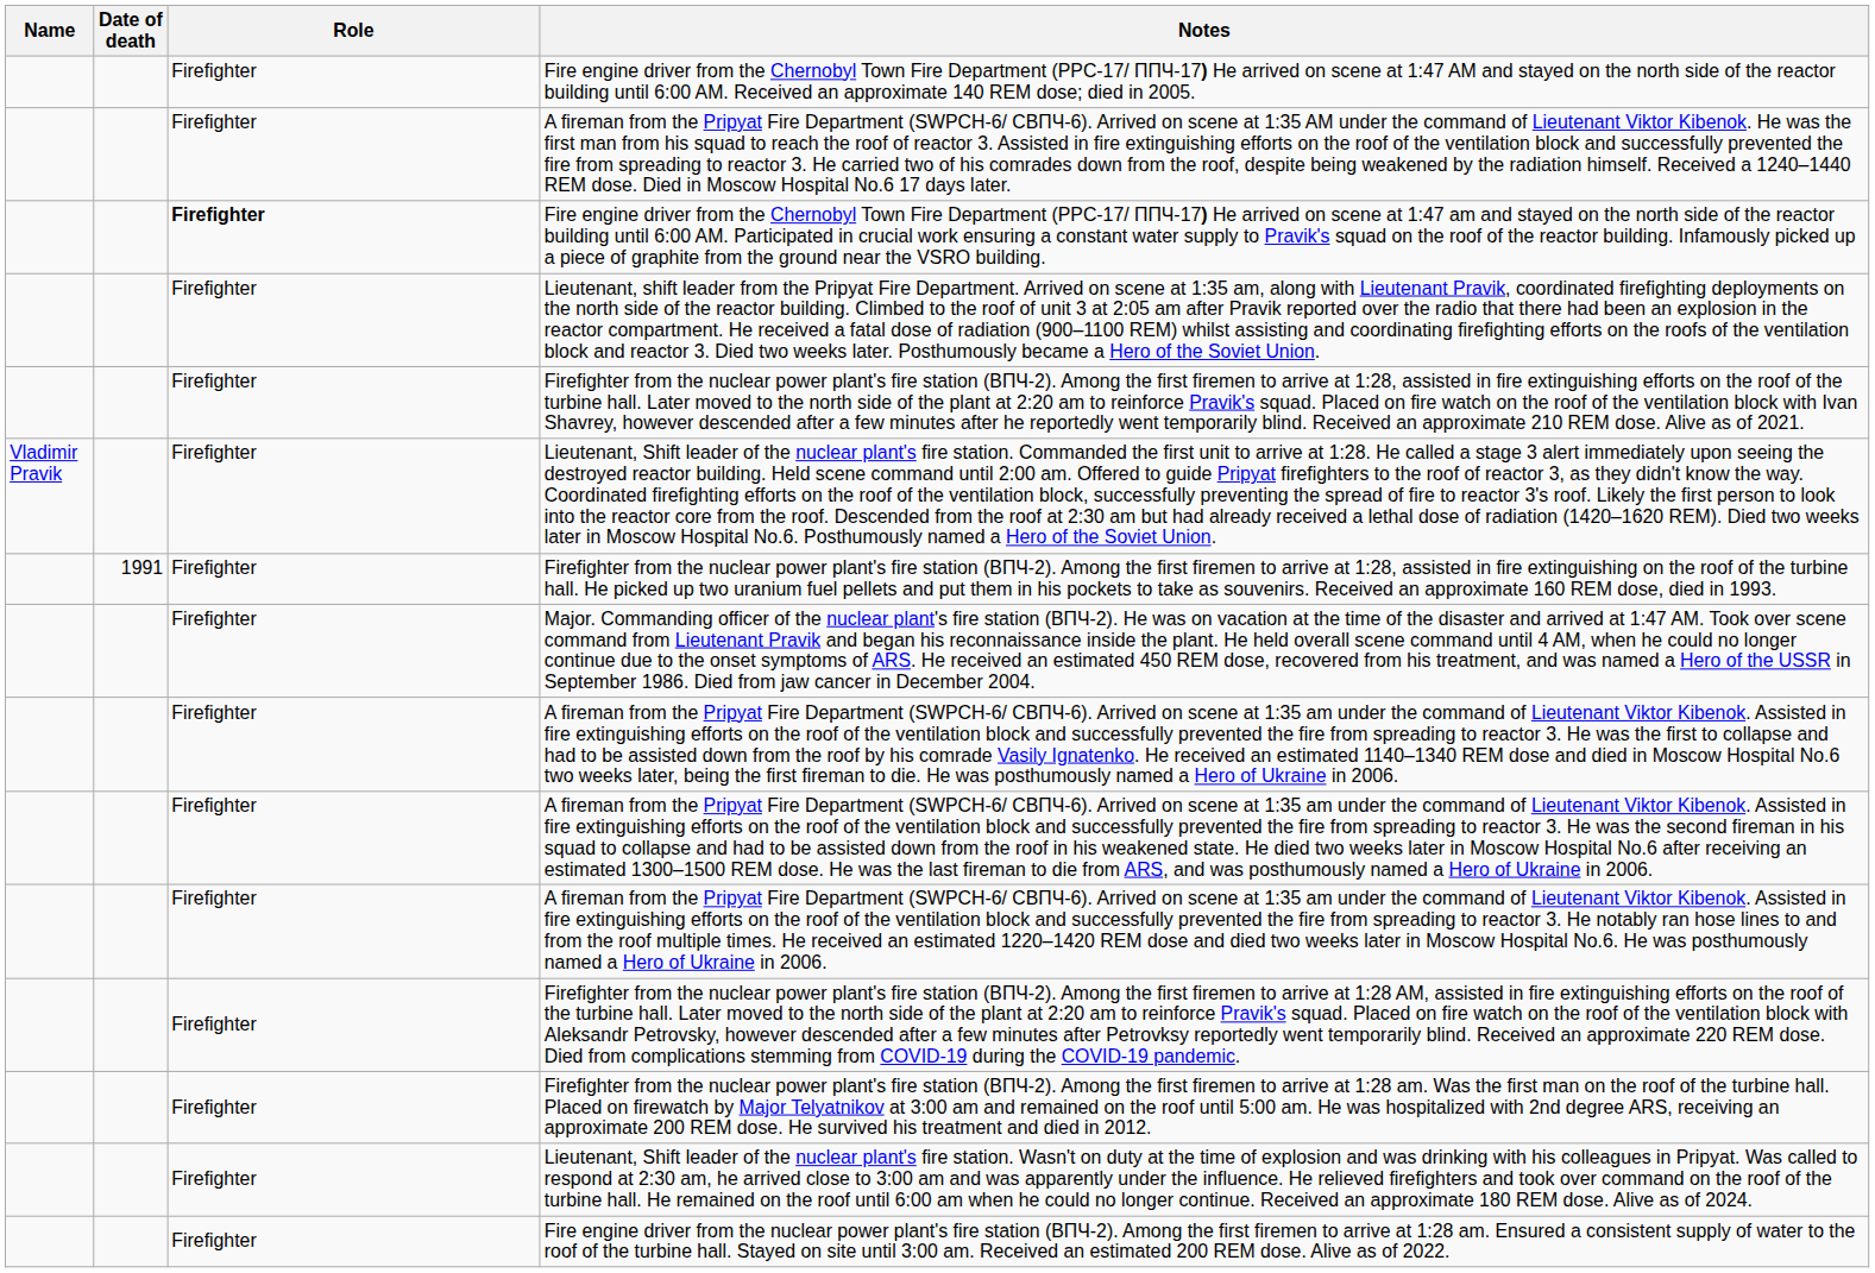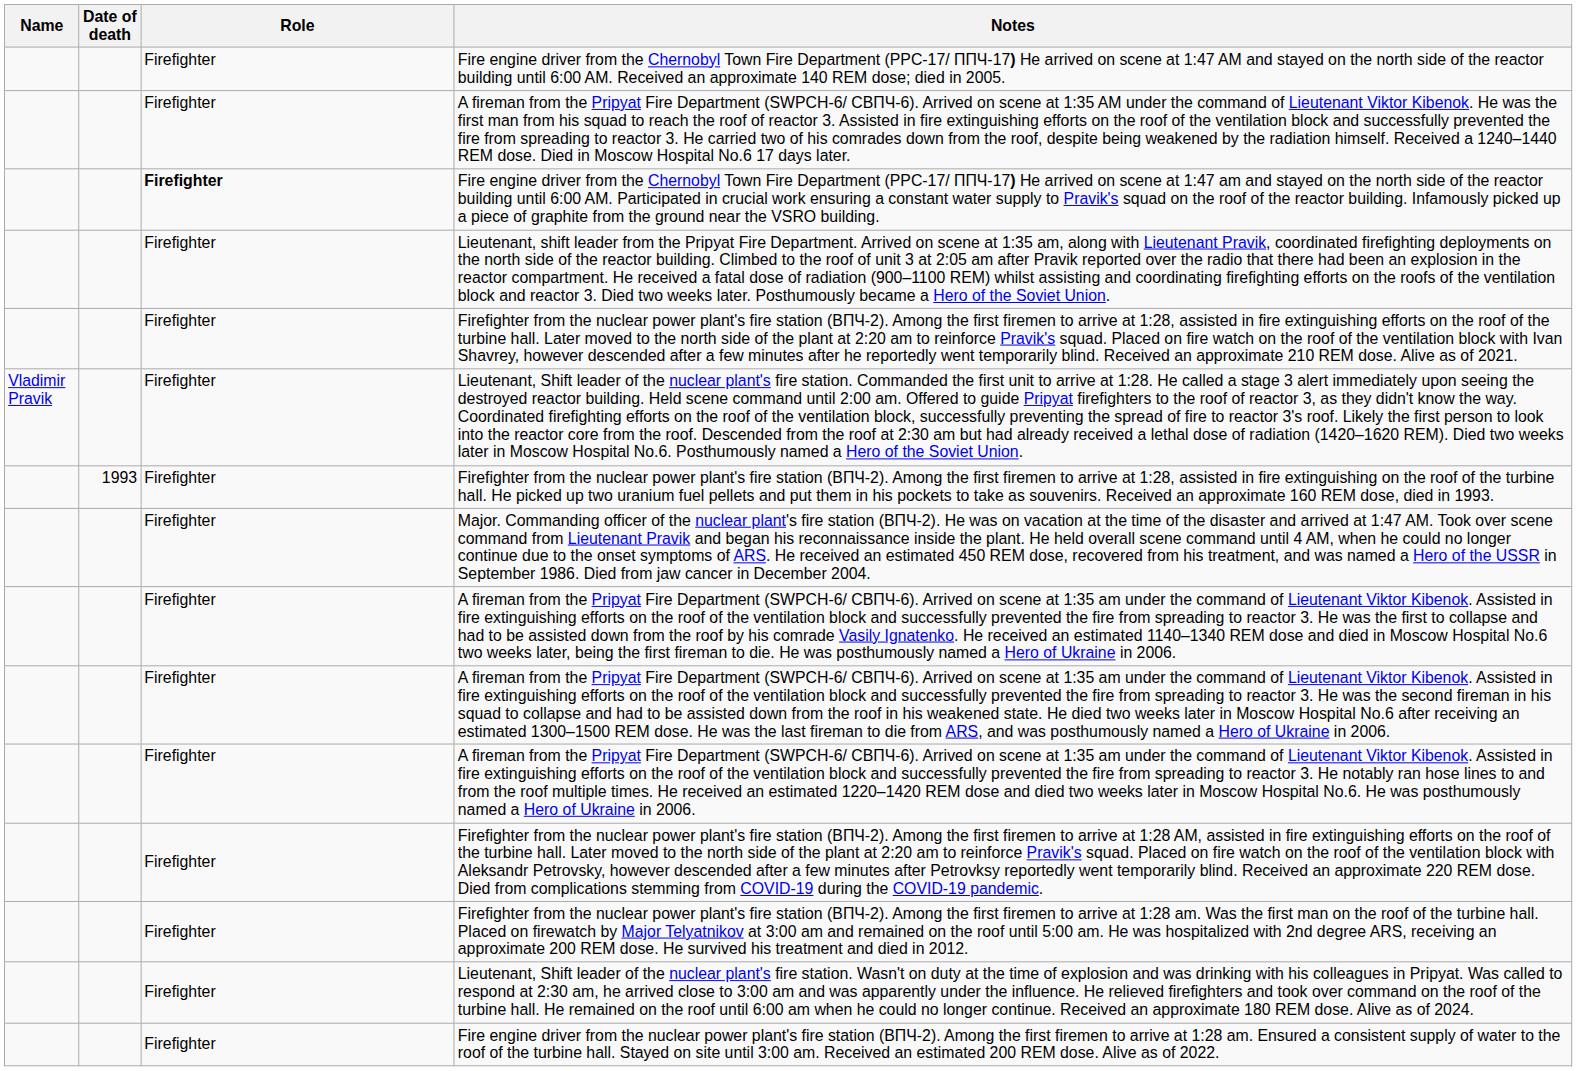 <table class="wikitable sortable" width="100%">
 <tr>
 <th>Name</th>
 <th>Date of death</th>
 <th class="unsortable" width="20%">Role</th>
 <th class=unsortable>Notes</th>
 </tr>
 <tr valign=top>
 <td></td>
 <td style=text-align:right;></td>
 <td>Firefighter</td>
 <td>Fire engine driver from the <a href='#'>Chernobyl</a> Town Fire Department (PPC-17/ ППЧ-17<strong>)</strong> He arrived on scene at 1:47 AM and stayed on the north side of the reactor building until 6:00 AM. Received an approximate 140 REM dose; died in 2005.</td>
 </tr>
 <tr valign=top>
 <td></td>
 <td style=text-align:right;></td>
 <td>Firefighter</td>
 <td>A fireman from the <a href='#'>Pripyat</a> Fire Department (SWPCH-6/ СВПЧ-6). Arrived on scene at 1:35 AM under the command of <a href='#'>Lieutenant Viktor Kibenok</a>. He was the first man from his squad to reach the roof of reactor 3. Assisted in fire extinguishing efforts on the roof of the ventilation block and successfully prevented the fire from spreading to reactor 3. He carried two of his comrades down from the roof, despite being weakened by the radiation himself. Received a 1240–1440 REM dose. Died in Moscow Hospital No.6 17 days later.</td>
 </tr>
 <tr valign=top>
 <td></td>
 <td style=text-align:right;></td>
 <td><strong>Firefighter</strong></td>
 <td>Fire engine driver from the <a href='#'>Chernobyl</a> Town Fire Department (PPC-17/ ППЧ-17<strong>)</strong> He arrived on scene at 1:47 am and stayed on the north side of the reactor building until 6:00 AM. Participated in crucial work ensuring a constant water supply to <a href='#'>Pravik's</a> squad on the roof of the reactor building. Infamously picked up a piece of graphite from the ground near the VSRO building.</td>
 </tr>
 <tr valign=top>
 <td></td>
 <td style=text-align:right;></td>
 <td>Firefighter</td>
 <td>Lieutenant, shift leader from the Pripyat Fire Department. Arrived on scene at 1:35 am, along with <a href='#'>Lieutenant Pravik</a>, coordinated firefighting deployments on the north side of the reactor building. Climbed to the roof of unit 3 at 2:05 am after Pravik reported over the radio that there had been an explosion in the reactor compartment. He received a fatal dose of radiation (900–1100 REM) whilst assisting and coordinating firefighting efforts on the roofs of the ventilation block and reactor 3. Died two weeks later. Posthumously became a <a href='#'>Hero of the Soviet Union</a>.</td>
 </tr>
 <tr valign=top>
 <td></td>
 <td></td>
 <td>Firefighter</td>
 <td>Firefighter from the nuclear power plant's fire station (ВПЧ-2). Among the first firemen to arrive at 1:28, assisted in fire extinguishing efforts on the roof of the turbine hall. Later moved to the north side of the plant at 2:20 am to reinforce <a href='#'>Pravik's</a> squad. Placed on fire watch on the roof of the ventilation block with Ivan Shavrey, however descended after a few minutes after he reportedly went temporarily blind. Received an approximate 210 REM dose. Alive as of 2021.</td>
 </tr>
 <tr valign=top>
 <td><a href='#'>Vladimir Pravik</a></td>
 <td style=text-align:right;></td>
 <td>Firefighter</td>
 <td>Lieutenant, Shift leader of the <a href='#'>nuclear plant's</a> fire station. Commanded the first unit to arrive at 1:28. He called a stage 3 alert immediately upon seeing the destroyed reactor building. Held scene command until 2:00 am. Offered to guide <a href='#'>Pripyat</a> firefighters to the roof of reactor 3, as they didn't know the way. Coordinated firefighting efforts on the roof of the ventilation block, successfully preventing the spread of fire to reactor 3's roof. Likely the first person to look into the reactor core from the roof. Descended from the roof at 2:30 am but had already received a lethal dose of radiation (1420–1620 REM). Died two weeks later in Moscow Hospital No.6. Posthumously named a <a href='#'>Hero of the Soviet Union</a>.</td>
 </tr>
 <tr valign=top>
 <td></td>
-<td style=text-align:right;>1991</td>
+<td style=text-align:right;>1993</td>
 <td>Firefighter</td>
 <td>Firefighter from the nuclear power plant's fire station (ВПЧ-2). Among the first firemen to arrive at 1:28, assisted in fire extinguishing on the roof of the turbine hall. He picked up two uranium fuel pellets and put them in his pockets to take as souvenirs. Received an approximate 160 REM dose, died in 1993.</td>
 </tr>
 <tr valign=top>
 <td></td>
 <td class=nowrap style=text-align:right;></td>
 <td>Firefighter</td>
 <td>Major. Commanding officer of the <a href='#'>nuclear plant</a>'s fire station (ВПЧ-2). He was on vacation at the time of the disaster and arrived at 1:47 AM. Took over scene command from <a href='#'>Lieutenant Pravik</a> and began his reconnaissance inside the plant. He held overall scene command until 4 AM, when he could no longer continue due to the onset symptoms of <a href='#'>ARS</a>. He received an estimated 450 REM dose, recovered from his treatment, and was named a <a href='#'>Hero of the USSR</a> in September 1986. Died from jaw cancer in December 2004.</td>
 </tr>
 <tr valign=top>
 <td></td>
 <td style=text-align:right;></td>
 <td>Firefighter</td>
 <td>A fireman from the <a href='#'>Pripyat</a> Fire Department (SWPCH-6/ СВПЧ-6). Arrived on scene at 1:35 am under the command of <a href='#'>Lieutenant Viktor Kibenok</a>. Assisted in fire extinguishing efforts on the roof of the ventilation block and successfully prevented the fire from spreading to reactor 3. He was the first to collapse and had to be assisted down from the roof by his comrade <a href='#'>Vasily Ignatenko</a>. He received an estimated 1140–1340 REM dose and died in Moscow Hospital No.6 two weeks later, being the first fireman to die. He was posthumously named a <a href='#'>Hero of Ukraine</a> in 2006.</td>
 </tr>
 <tr valign=top>
 <td></td>
 <td style=text-align:right;></td>
 <td>Firefighter</td>
 <td>A fireman from the <a href='#'>Pripyat</a> Fire Department (SWPCH-6/ СВПЧ-6). Arrived on scene at 1:35 am under the command of <a href='#'>Lieutenant Viktor Kibenok</a>. Assisted in fire extinguishing efforts on the roof of the ventilation block and successfully prevented the fire from spreading to reactor 3. He was the second fireman in his squad to collapse and had to be assisted down from the roof in his weakened state. He died two weeks later in Moscow Hospital No.6 after receiving an estimated 1300–1500 REM dose. He was the last fireman to die from <a href='#'>ARS</a>, and was posthumously named a <a href='#'>Hero of Ukraine</a> in 2006.</td>
 </tr>
 <tr valign=top>
 <td></td>
 <td style=text-align:right;></td>
 <td>Firefighter</td>
 <td>A fireman from the <a href='#'>Pripyat</a> Fire Department (SWPCH-6/ СВПЧ-6). Arrived on scene at 1:35 am under the command of <a href='#'>Lieutenant Viktor Kibenok</a>. Assisted in fire extinguishing efforts on the roof of the ventilation block and successfully prevented the fire from spreading to reactor 3. He notably ran hose lines to and from the roof multiple times. He received an estimated 1220–1420 REM dose and died two weeks later in Moscow Hospital No.6. He was posthumously named a <a href='#'>Hero of Ukraine</a> in 2006.</td>
 </tr>
 <tr>
 <td></td>
 <td style=text-align:right;></td>
 <td>Firefighter</td>
 <td>Firefighter from the nuclear power plant's fire station (ВПЧ-2). Among the first firemen to arrive at 1:28 AM, assisted in fire extinguishing efforts on the roof of the turbine hall. Later moved to the north side of the plant at 2:20 am to reinforce <a href='#'>Pravik's</a> squad. Placed on fire watch on the roof of the ventilation block with Aleksandr Petrovsky, however descended after a few minutes after Petrovksy reportedly went temporarily blind. Received an approximate 220 REM dose. Died from complications stemming from <a href='#'>COVID-19</a> during the <a href='#'>COVID-19 pandemic</a>.</td>
 </tr>
 <tr>
 <td></td>
 <td style=text-align:right;></td>
 <td>Firefighter</td>
 <td>Firefighter from the nuclear power plant's fire station (ВПЧ-2). Among the first firemen to arrive at 1:28 am. Was the first man on the roof of the turbine hall. Placed on firewatch by <a href='#'>Major Telyatnikov</a> at 3:00 am and remained on the roof until 5:00 am. He was hospitalized with 2nd degree ARS, receiving an approximate 200 REM dose. He survived his treatment and died in 2012.</td>
 </tr>
 <tr>
 <td></td>
 <td></td>
 <td>Firefighter</td>
 <td>Lieutenant, Shift leader of the <a href='#'>nuclear plant's</a> fire station. Wasn't on duty at the time of explosion and was drinking with his colleagues in Pripyat. Was called to respond at 2:30 am, he arrived close to 3:00 am and was apparently under the influence. He relieved firefighters and took over command on the roof of the turbine hall. He remained on the roof until 6:00 am when he could no longer continue. Received an approximate 180 REM dose. Alive as of 2024.</td>
 </tr>
 <tr>
 <td></td>
 <td></td>
 <td>Firefighter</td>
 <td>Fire engine driver from the nuclear power plant's fire station (ВПЧ-2). Among the first firemen to arrive at 1:28 am. Ensured a consistent supply of water to the roof of the turbine hall. Stayed on site until 3:00 am. Received an estimated 200 REM dose. Alive as of 2022.</td>
 </tr>
 </table>
